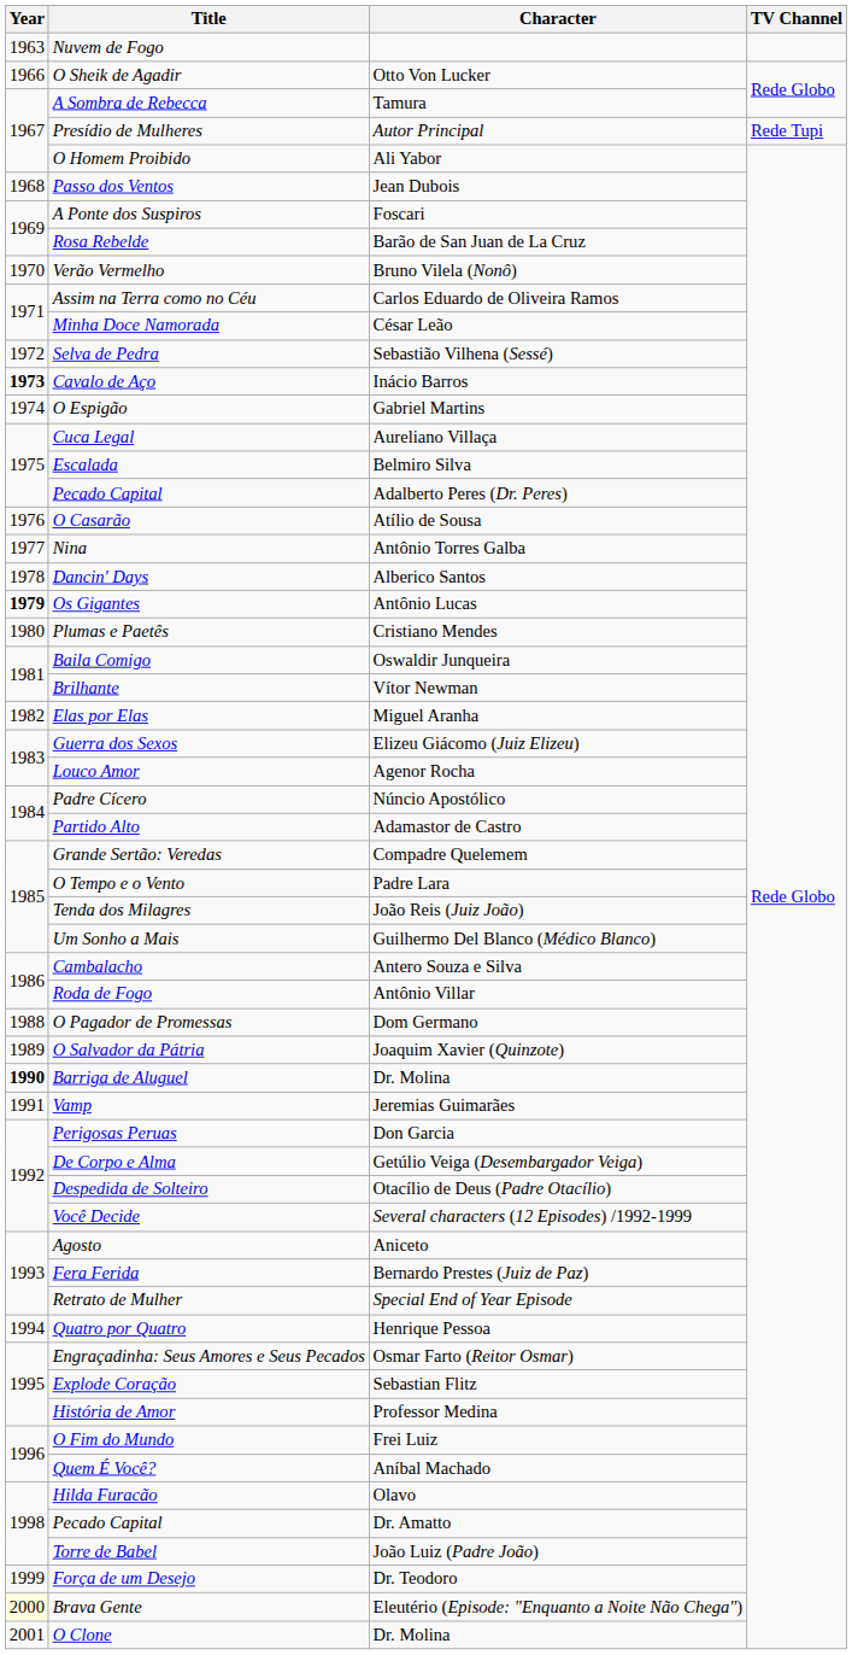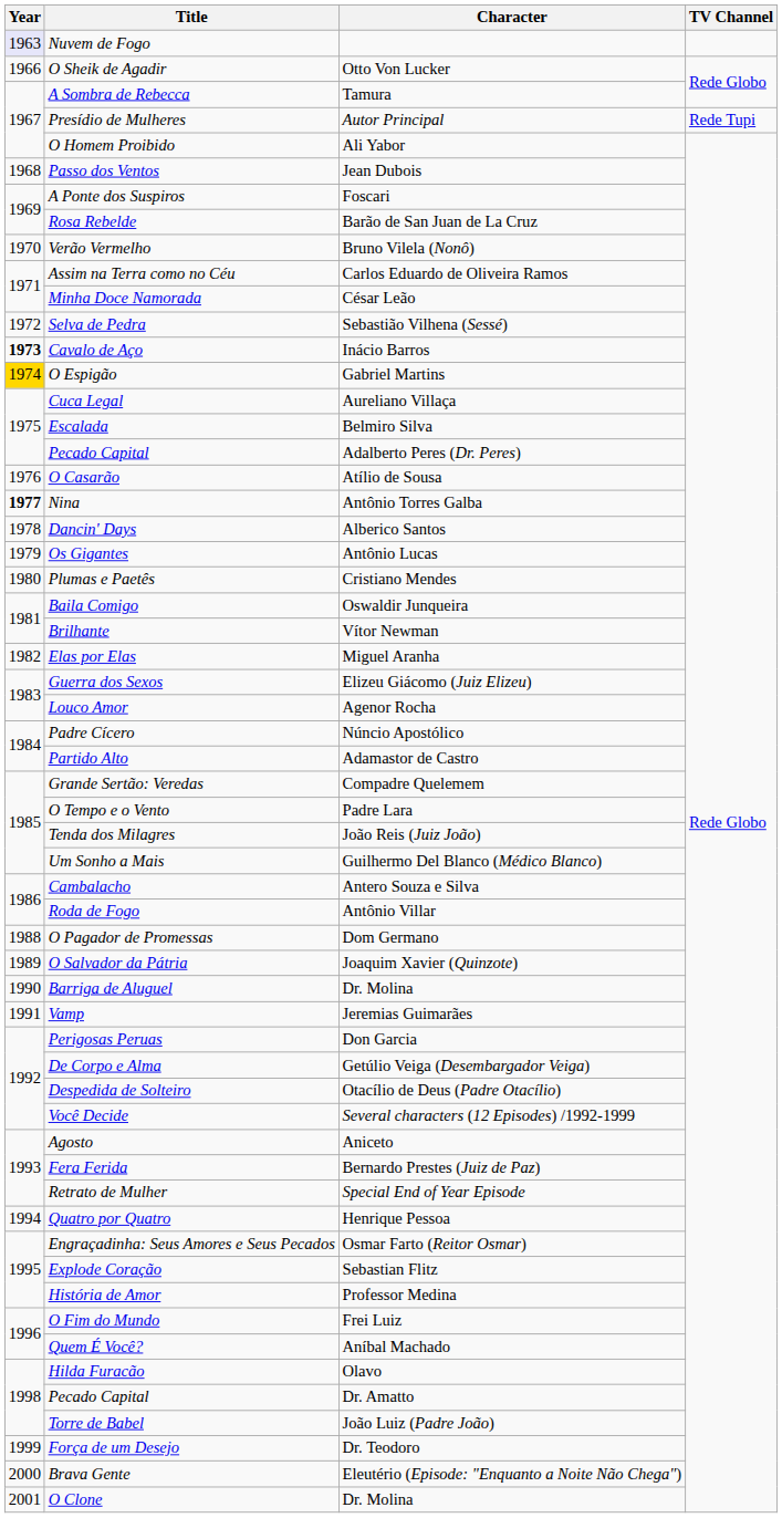 <table class="wikitable">
 <tr>
 <th>Year</th>
 <th>Title</th>
 <th>Character</th>
 <th>TV Channel</th>
 </tr>
 <tr>
-<td>1963</td>
+<td style="background: lavender;">1963</td>
 <td><em>Nuvem de Fogo</em></td>
 <td></td>
 <td></td>
 </tr>
 <tr>
 <td>1966</td>
 <td><em>O Sheik de Agadir</em></td>
 <td>Otto Von Lucker</td>
 <td rowspan="2"><a href='#'>Rede Globo</a></td>
 </tr>
 <tr>
 <td rowspan="3">1967</td>
 <td><em><a href='#'>A Sombra de Rebecca</a></em></td>
 <td>Tamura</td>
 </tr>
 <tr>
 <td><em>Presídio de Mulheres</em></td>
 <td><em>Autor Principal</em></td>
 <td><a href='#'>Rede Tupi</a></td>
 </tr>
 <tr>
 <td><em>O Homem Proibido</em></td>
 <td>Ali Yabor</td>
 <td rowspan="54"><a href='#'>Rede Globo</a></td>
 </tr>
 <tr>
 <td>1968</td>
 <td><em><a href='#'>Passo dos Ventos</a></em></td>
 <td>Jean Dubois</td>
 </tr>
 <tr>
 <td rowspan="2">1969</td>
 <td><em>A Ponte dos Suspiros</em></td>
 <td>Foscari</td>
 </tr>
 <tr>
 <td><em><a href='#'>Rosa Rebelde</a></em></td>
 <td>Barão de San Juan de La Cruz</td>
 </tr>
 <tr>
 <td>1970</td>
 <td><em>Verão Vermelho</em></td>
 <td>Bruno Vilela (<em>Nonô</em>)</td>
 </tr>
 <tr>
 <td rowspan="2">1971</td>
 <td><em>Assim na Terra como no Céu</em></td>
 <td>Carlos Eduardo de Oliveira Ramos</td>
 </tr>
 <tr>
 <td><em><a href='#'>Minha Doce Namorada</a></em></td>
 <td>César Leão</td>
 </tr>
 <tr>
 <td>1972</td>
 <td><em><a href='#'>Selva de Pedra</a></em></td>
 <td>Sebastião Vilhena (<em>Sessé</em>)</td>
 </tr>
 <tr>
 <td><strong>1973</strong></td>
 <td><em><a href='#'>Cavalo de Aço</a></em></td>
 <td>Inácio Barros</td>
 </tr>
 <tr>
-<td>1974</td>
+<td style="background: gold;">1974</td>
 <td><em>O Espigão</em></td>
 <td>Gabriel Martins</td>
 </tr>
 <tr>
 <td rowspan="3">1975</td>
 <td><em><a href='#'>Cuca Legal</a></em></td>
 <td>Aureliano Villaça</td>
 </tr>
 <tr>
 <td><em><a href='#'>Escalada</a></em></td>
 <td>Belmiro Silva</td>
 </tr>
 <tr>
 <td><em><a href='#'>Pecado Capital</a></em></td>
 <td>Adalberto Peres (<em>Dr. Peres</em>)</td>
 </tr>
 <tr>
 <td>1976</td>
 <td><em><a href='#'>O Casarão</a></em></td>
 <td>Atílio de Sousa</td>
 </tr>
 <tr>
-<td>1977</td>
+<td><strong>1977</strong></td>
 <td><em>Nina</em></td>
 <td>Antônio Torres Galba</td>
 </tr>
 <tr>
 <td>1978</td>
 <td><em><a href='#'>Dancin' Days</a></em></td>
 <td>Alberico Santos</td>
 </tr>
 <tr>
-<td><strong>1979</strong></td>
+<td>1979</td>
 <td><em><a href='#'>Os Gigantes</a></em></td>
 <td>Antônio Lucas</td>
 </tr>
 <tr>
 <td>1980</td>
 <td><em>Plumas e Paetês</em></td>
 <td>Cristiano Mendes</td>
 </tr>
 <tr>
 <td rowspan="2">1981</td>
 <td><em><a href='#'>Baila Comigo</a></em></td>
 <td>Oswaldir Junqueira</td>
 </tr>
 <tr>
 <td><em><a href='#'>Brilhante</a></em></td>
 <td>Vítor Newman</td>
 </tr>
 <tr>
 <td>1982</td>
 <td><em><a href='#'>Elas por Elas</a></em></td>
 <td>Miguel Aranha</td>
 </tr>
 <tr>
 <td rowspan="2">1983</td>
 <td><em><a href='#'>Guerra dos Sexos</a></em></td>
 <td>Elizeu Giácomo (<em>Juiz Elizeu</em>)</td>
 </tr>
 <tr>
 <td><em><a href='#'>Louco Amor</a></em></td>
 <td>Agenor Rocha</td>
 </tr>
 <tr>
 <td rowspan="2">1984</td>
 <td><em>Padre Cícero</em></td>
 <td>Núncio Apostólico</td>
 </tr>
 <tr>
 <td><em><a href='#'>Partido Alto</a></em></td>
 <td>Adamastor de Castro</td>
 </tr>
 <tr>
 <td rowspan="4">1985</td>
 <td><em>Grande Sertão: Veredas</em></td>
 <td>Compadre Quelemem</td>
 </tr>
 <tr>
 <td><em>O Tempo e o Vento</em></td>
 <td>Padre Lara</td>
 </tr>
 <tr>
 <td><em>Tenda dos Milagres</em></td>
 <td>João Reis (<em>Juiz João</em>)</td>
 </tr>
 <tr>
 <td><em>Um Sonho a Mais</em></td>
 <td>Guilhermo Del Blanco (<em>Médico Blanco</em>)</td>
 </tr>
 <tr>
 <td rowspan="2">1986</td>
 <td><em><a href='#'>Cambalacho</a></em></td>
 <td>Antero Souza e Silva</td>
 </tr>
 <tr>
 <td><em><a href='#'>Roda de Fogo</a></em></td>
 <td>Antônio Villar</td>
 </tr>
 <tr>
 <td>1988</td>
 <td><em>O Pagador de Promessas</em></td>
 <td>Dom Germano</td>
 </tr>
 <tr>
 <td>1989</td>
 <td><em><a href='#'>O Salvador da Pátria</a></em></td>
 <td>Joaquim Xavier (<em>Quinzote</em>)</td>
 </tr>
 <tr>
-<td><strong>1990</strong></td>
+<td>1990</td>
 <td><em><a href='#'>Barriga de Aluguel</a></em></td>
 <td>Dr. Molina</td>
 </tr>
 <tr>
 <td>1991</td>
 <td><em><a href='#'>Vamp</a></em></td>
 <td>Jeremias Guimarães</td>
 </tr>
 <tr>
 <td rowspan="4">1992</td>
 <td><em><a href='#'>Perigosas Peruas</a></em></td>
 <td>Don Garcia</td>
 </tr>
 <tr>
 <td><em><a href='#'>De Corpo e Alma</a></em></td>
 <td>Getúlio Veiga (<em>Desembargador Veiga</em>)</td>
 </tr>
 <tr>
 <td><em><a href='#'>Despedida de Solteiro</a></em></td>
 <td>Otacílio de Deus (<em>Padre Otacílio</em>)</td>
 </tr>
 <tr>
 <td><em><a href='#'>Você Decide</a></em></td>
 <td><em>Several characters</em> (<em>12 Episodes</em>) /1992-1999</td>
 </tr>
 <tr>
 <td rowspan="3">1993</td>
 <td><em>Agosto</em></td>
 <td>Aniceto</td>
 </tr>
 <tr>
 <td><em><a href='#'>Fera Ferida</a></em></td>
 <td>Bernardo Prestes (<em>Juiz de Paz</em>)</td>
 </tr>
 <tr>
 <td><em>Retrato de Mulher</em></td>
 <td><em>Special End of Year Episode</em></td>
 </tr>
 <tr>
 <td>1994</td>
 <td><em><a href='#'>Quatro por Quatro</a></em></td>
 <td>Henrique Pessoa</td>
 </tr>
 <tr>
 <td rowspan="3">1995</td>
 <td><em>Engraçadinha: Seus Amores e Seus Pecados</em></td>
 <td>Osmar Farto (<em>Reitor Osmar</em>)</td>
 </tr>
 <tr>
 <td><em><a href='#'>Explode Coração</a></em></td>
 <td>Sebastian Flitz</td>
 </tr>
 <tr>
 <td><em><a href='#'>História de Amor</a></em></td>
 <td>Professor Medina</td>
 </tr>
 <tr>
 <td rowspan="2">1996</td>
 <td><em><a href='#'>O Fim do Mundo</a></em></td>
 <td>Frei Luiz</td>
 </tr>
 <tr>
 <td><em><a href='#'>Quem É Você?</a></em></td>
 <td>Aníbal Machado</td>
 </tr>
 <tr>
 <td rowspan="3">1998</td>
 <td><em><a href='#'>Hilda Furacão</a></em></td>
 <td>Olavo</td>
 </tr>
 <tr>
 <td><em>Pecado Capital</em></td>
 <td>Dr. Amatto</td>
 </tr>
 <tr>
 <td><em><a href='#'>Torre de Babel</a></em></td>
 <td>João Luiz (<em>Padre João</em>)</td>
 </tr>
 <tr>
 <td>1999</td>
 <td><em><a href='#'>Força de um Desejo</a></em></td>
 <td>Dr. Teodoro</td>
 </tr>
 <tr>
-<td style="background: lightyellow;">2000</td>
+<td>2000</td>
 <td><em>Brava Gente</em></td>
 <td>Eleutério (<em>Episode: "Enquanto a Noite Não Chega"</em>)</td>
 </tr>
 <tr>
 <td>2001</td>
 <td><em><a href='#'>O Clone</a></em></td>
 <td>Dr. Molina</td>
 </tr>
 </table>
